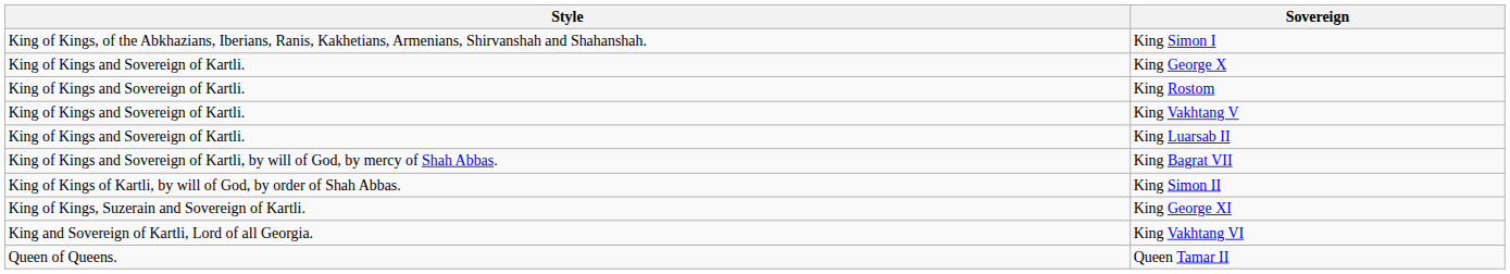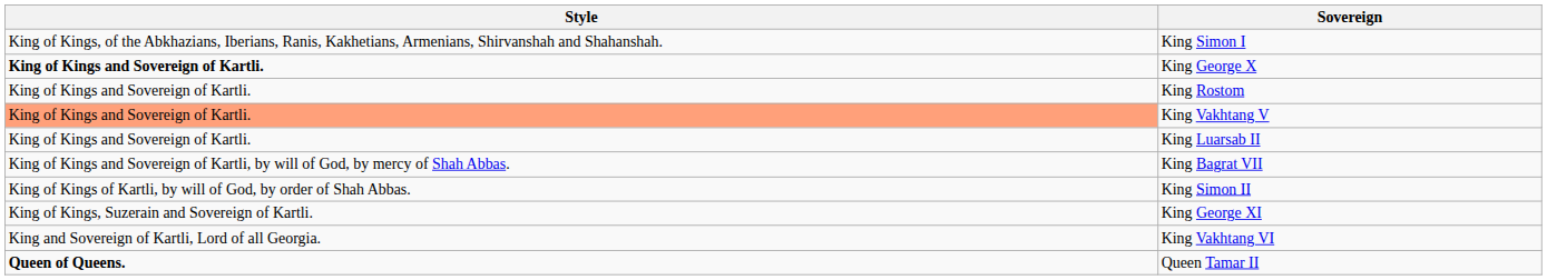 <table class="wikitable" width="80%">
 <tr>
 <th width="60%">Style</th>
 <th width="20%">Sovereign</th>
 </tr>
 <tr>
 <td>King of Kings, of the Abkhazians, Iberians, Ranis, Kakhetians, Armenians, Shirvanshah and Shahanshah.</td>
 <td>King <a href='#'>Simon I</a></td>
 </tr>
 <tr>
-<td>King of Kings and Sovereign of Kartli.</td>
+<td><strong>King of Kings and Sovereign of Kartli.</strong></td>
 <td>King <a href='#'>George X</a></td>
 </tr>
 <tr>
 <td>King of Kings and Sovereign of Kartli.</td>
 <td>King <a href='#'>Rostom</a></td>
 </tr>
 <tr>
-<td>King of Kings and Sovereign of Kartli.</td>
+<td style="background: lightsalmon;">King of Kings and Sovereign of Kartli.</td>
 <td>King <a href='#'>Vakhtang V</a></td>
 </tr>
 <tr>
 <td>King of Kings and Sovereign of Kartli.</td>
 <td>King <a href='#'>Luarsab II</a></td>
 </tr>
 <tr>
 <td>King of Kings and Sovereign of Kartli, by will of God, by mercy of <a href='#'>Shah Abbas</a>.</td>
 <td>King <a href='#'>Bagrat VII</a></td>
 </tr>
 <tr>
 <td>King of Kings of Kartli, by will of God, by order of Shah Abbas.</td>
 <td>King <a href='#'>Simon II</a></td>
 </tr>
 <tr>
 <td>King of Kings, Suzerain and Sovereign of Kartli.</td>
 <td>King <a href='#'>George XI</a></td>
 </tr>
 <tr>
 <td>King and Sovereign of Kartli, Lord of all Georgia.</td>
 <td>King <a href='#'>Vakhtang VI</a></td>
 </tr>
 <tr>
-<td>Queen of Queens.</td>
+<td><strong>Queen of Queens.</strong></td>
 <td>Queen <a href='#'>Tamar II</a></td>
 </tr>
 </table>
